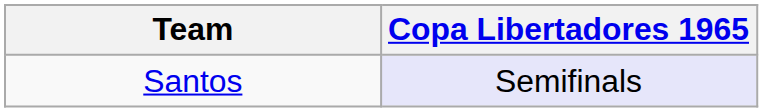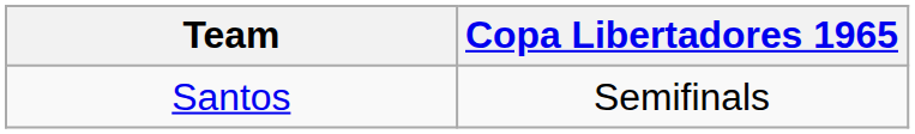 <table class="wikitable">
 <tr>
 <th width= 50%>Team</th>
 <th width= 50%><a href='#'>Copa Libertadores 1965</a></th>
 </tr>
 <tr align="center">
 <td><a href='#'>Santos</a></td>
-<td style="background: lavender;">Semifinals</td>
+<td>Semifinals</td>
 </tr>
 </table>
